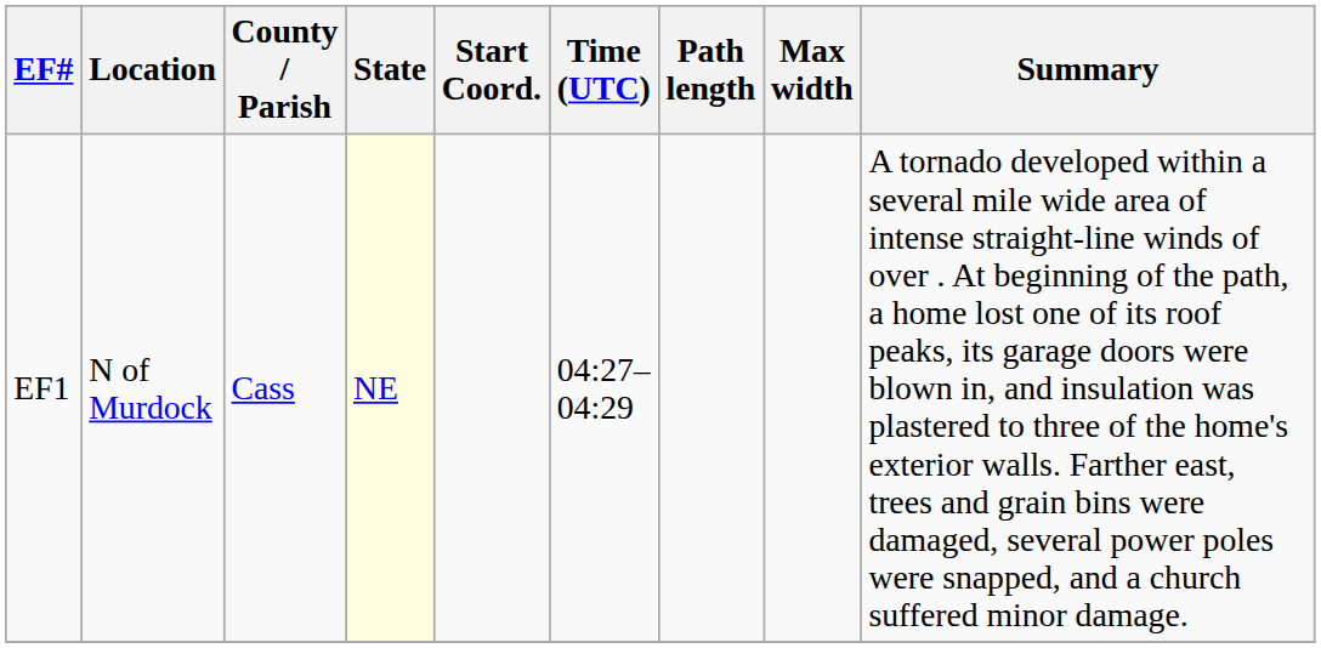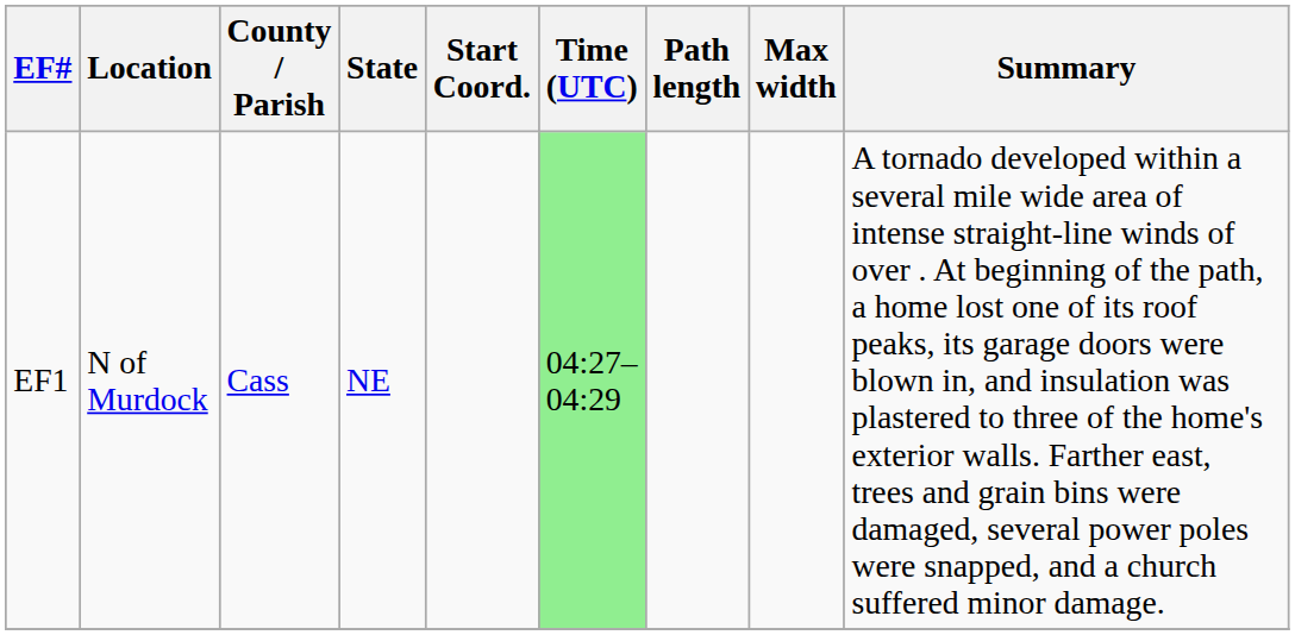 <table class="wikitable sortable" style="width:100%;">
 <tr>
 <th scope="col"  style="width:3%; text-align:center;"><a href='#'>EF#</a></th>
 <th scope="col"  style="width:7%; text-align:center;" class="unsortable">Location</th>
 <th scope="col"  style="width:6%; text-align:center;" class="unsortable">County / Parish</th>
 <th scope="col"  style="width:5%; text-align:center;">State</th>
 <th scope="col"  style="width:6%; text-align:center;">Start Coord.</th>
 <th scope="col"  style="width:6%; text-align:center;">Time (<a href='#'>UTC</a>)</th>
 <th scope="col"  style="width:6%; text-align:center;">Path length</th>
 <th scope="col"  style="width:6%; text-align:center;">Max width</th>
 <th scope="col" class="unsortable" style="width:48%; text-align:center;">Summary</th>
 </tr>
 <tr>
 <td>EF1</td>
 <td>N of <a href='#'>Murdock</a></td>
 <td><a href='#'>Cass</a></td>
-<td style="background: lightyellow;"><a href='#'>NE</a></td>
+<td><a href='#'>NE</a></td>
 <td></td>
-<td>04:27–04:29</td>
+<td style="background: lightgreen;">04:27–04:29</td>
 <td></td>
 <td></td>
 <td>A tornado developed within a several mile wide area of intense straight-line winds of over . At beginning of the path, a home lost one of its roof peaks, its garage doors were blown in, and insulation was plastered to three of the home's exterior walls. Farther east, trees and grain bins were damaged, several power poles were snapped, and a church suffered minor damage.</td>
 </tr>
 <tr>
 </tr>
 </table>
